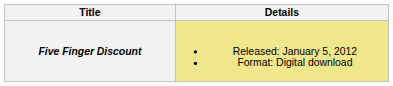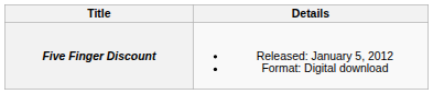 <table class="wikitable plainrowheaders" style="text-align:center;">
 <tr>
 <th scope="col" style="width:16em;">Title</th>
 <th scope="col" style="width:20em;">Details</th>
 </tr>
 <tr>
 <th scope="row"><em>Five Finger Discount</em></th>
-<td style="background: khaki;"><br><ul><li>Released: January 5, 2012</li><li>Format: Digital download</li></ul></td>
+<td><br><ul><li>Released: January 5, 2012</li><li>Format: Digital download</li></ul></td>
 </tr>
 </table>
